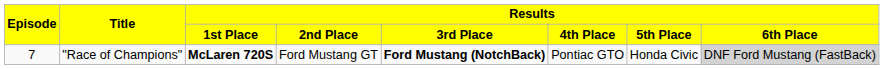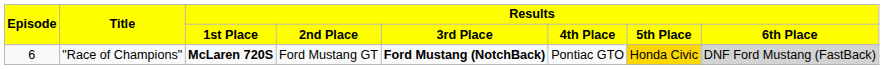 <table class="wikitable">
 <tr>
 <th rowspan="2" ! style="background:#FFFF00; color:#000000">Episode</th>
 <th rowspan="2" ! style="background:#FFFF00; color:#000000">Title</th>
 <th colspan="6" ! style="background:#FFFF00; color:#000000">Results</th>
 </tr>
 <tr>
 <th style="background:#FFFF00; color:#000000">1st Place</th>
 <th style="background:#FFFF00; color:#000000">2nd Place</th>
 <th style="background:#FFFF00; color:#000000">3rd Place</th>
 <th style="background:#FFFF00; color:#000000">4th Place</th>
 <th style="background:#FFFF00; color:#000000">5th Place</th>
 <th style="background:#FFFF00; color:#000000">6th Place</th>
 </tr>
 <tr>
-<td style="text-align:center">7</td>
+<td style="text-align:center">6</td>
 <td>"Race of Champions"</td>
 <td><strong>McLaren 720S</strong></td>
 <td>Ford Mustang GT</td>
 <td><strong>Ford Mustang (NotchBack)</strong></td>
 <td>Pontiac GTO</td>
-<td>Honda Civic</td>
+<td style="background: gold;">Honda Civic</td>
 <td bgcolor=lightgray>DNF Ford Mustang (FastBack)</td>
 </tr>
 </table>
